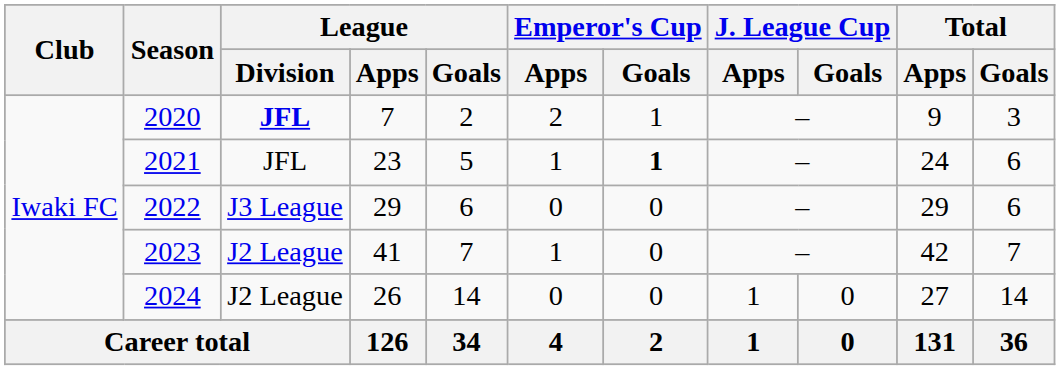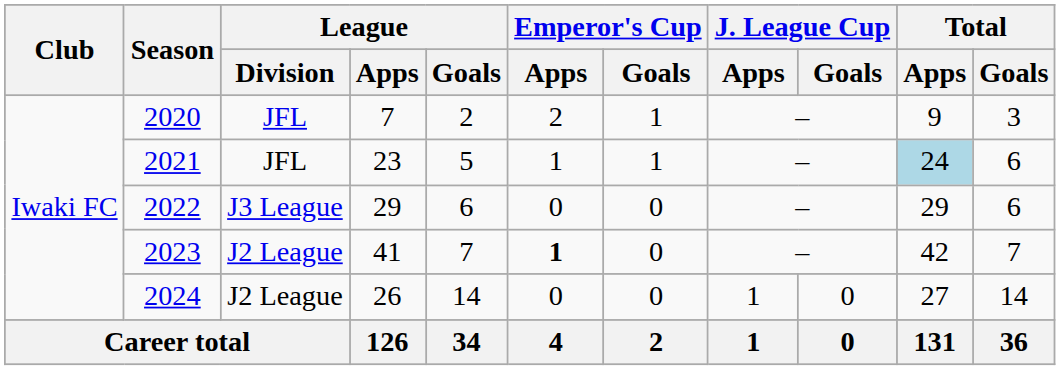 <table class="wikitable" style="text-align:center">
 <tr>
 <th rowspan=2>Club</th>
 <th rowspan=2>Season</th>
 <th colspan=3>League</th>
 <th colspan=2><a href='#'>Emperor's Cup</a></th>
 <th colspan=2><a href='#'>J. League Cup</a></th>
 <th colspan=2>Total</th>
 </tr>
 <tr>
 <th>Division</th>
 <th>Apps</th>
 <th>Goals</th>
 <th>Apps</th>
 <th>Goals</th>
 <th>Apps</th>
 <th>Goals</th>
 <th>Apps</th>
 <th>Goals</th>
 </tr>
 <tr>
 <td rowspan="5"><a href='#'>Iwaki FC</a></td>
 <td><a href='#'>2020</a></td>
-<td><strong><a href='#'>JFL</a></strong></td>
+<td><a href='#'>JFL</a></td>
 <td>7</td>
 <td>2</td>
 <td>2</td>
 <td>1</td>
 <td colspan="2">–</td>
 <td>9</td>
 <td>3</td>
 </tr>
 <tr>
 <td><a href='#'>2021</a></td>
 <td>JFL</td>
 <td>23</td>
 <td>5</td>
 <td>1</td>
-<td><strong>1</strong></td>
+<td>1</td>
 <td colspan="2">–</td>
-<td>24</td>
+<td style="background: lightblue;">24</td>
 <td>6</td>
 </tr>
 <tr>
 <td><a href='#'>2022</a></td>
 <td><a href='#'>J3 League</a></td>
 <td>29</td>
 <td>6</td>
 <td>0</td>
 <td>0</td>
 <td colspan="2">–</td>
 <td>29</td>
 <td>6</td>
 </tr>
 <tr>
 <td><a href='#'>2023</a></td>
 <td><a href='#'>J2 League</a></td>
 <td>41</td>
 <td>7</td>
-<td>1</td>
+<td><strong>1</strong></td>
 <td>0</td>
 <td colspan="2">–</td>
 <td>42</td>
 <td>7</td>
 </tr>
 <tr>
 <td><a href='#'>2024</a></td>
 <td>J2 League</td>
 <td>26</td>
 <td>14</td>
 <td>0</td>
 <td>0</td>
 <td>1</td>
 <td>0</td>
 <td>27</td>
 <td>14</td>
 </tr>
 <tr>
 <th colspan=3>Career total</th>
 <th>126</th>
 <th>34</th>
 <th>4</th>
 <th>2</th>
 <th>1</th>
 <th>0</th>
 <th>131</th>
 <th>36</th>
 </tr>
 </table>
